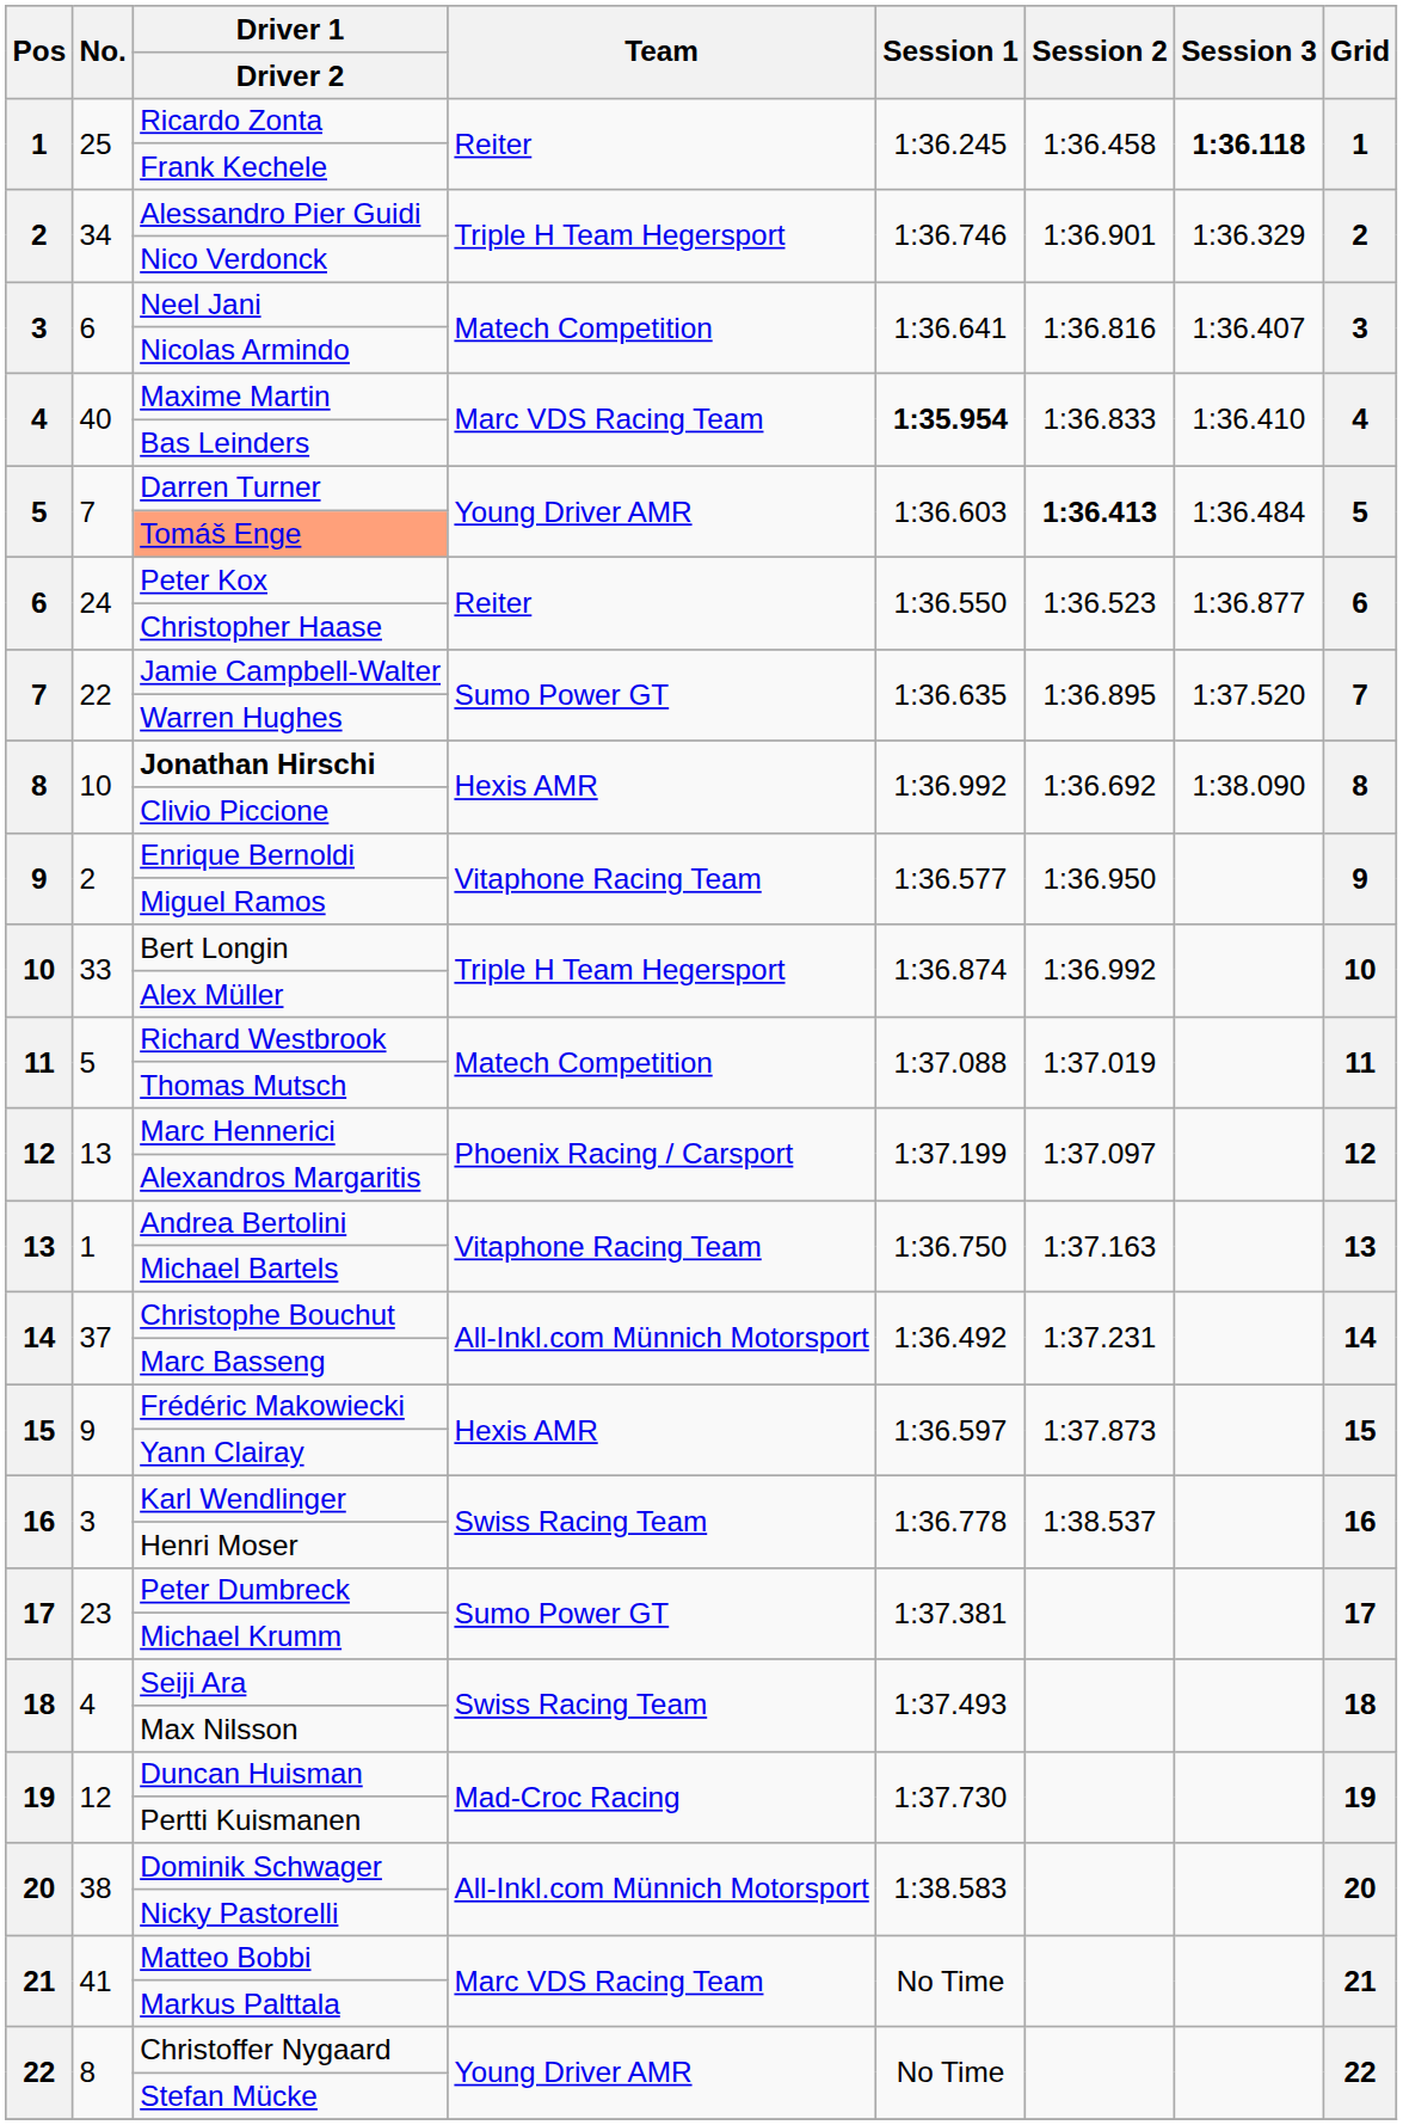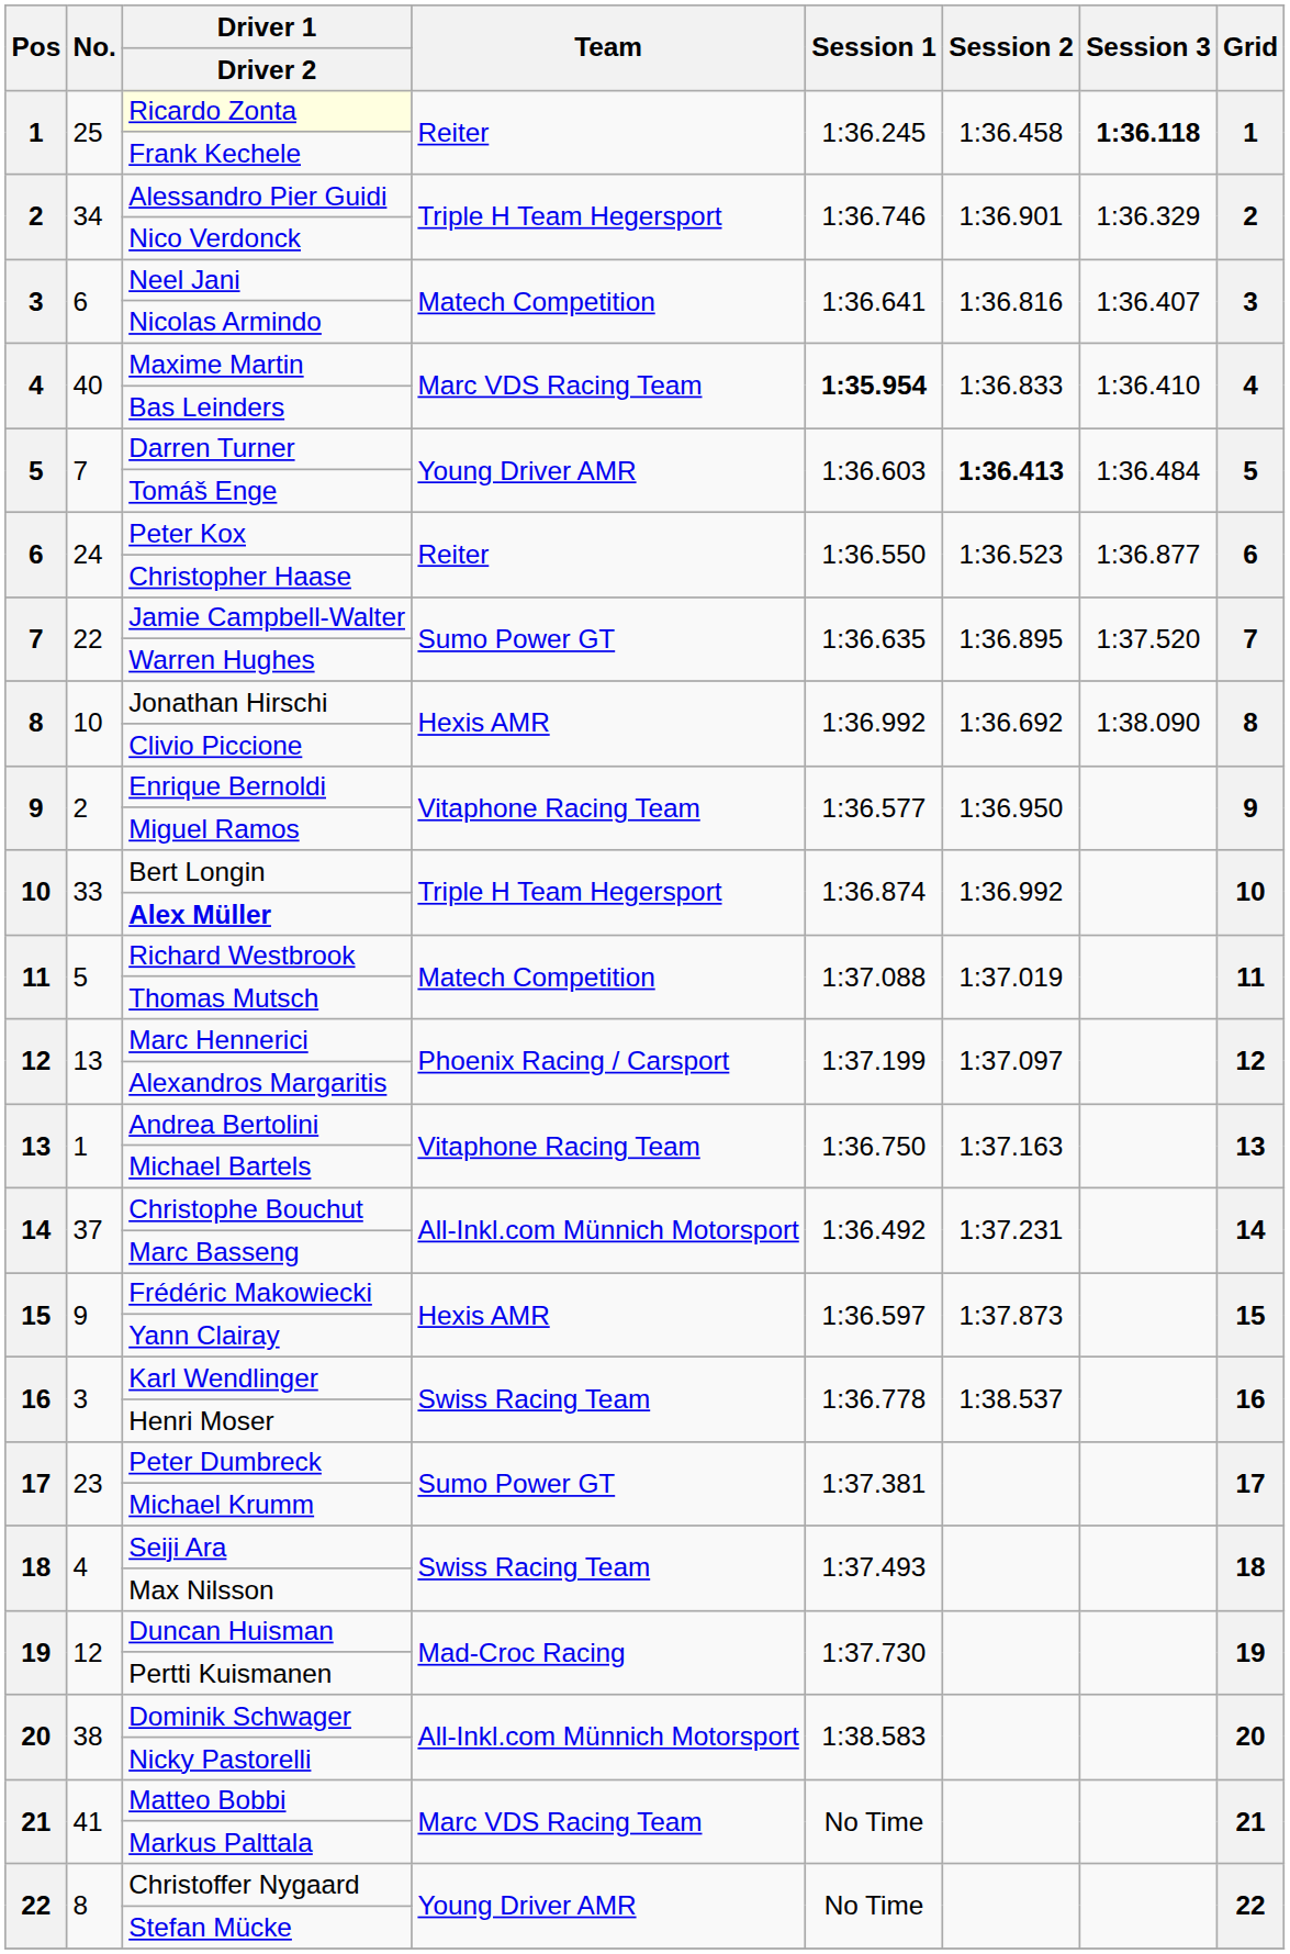 <table class="wikitable" style="font-size: 90%;">
 <tr>
 <th rowspan=2>Pos</th>
 <th rowspan=2>No.</th>
 <th>Driver 1</th>
 <th rowspan=2>Team</th>
 <th rowspan=2>Session 1</th>
 <th rowspan=2>Session 2</th>
 <th rowspan=2>Session 3</th>
 <th rowspan=2>Grid</th>
 </tr>
 <tr>
 <th>Driver 2</th>
 </tr>
 <tr>
 <th rowspan=2>1</th>
 <td rowspan=2>25</td>
-<td> <a href='#'>Ricardo Zonta</a></td>
+<td style="background: lightyellow;"> <a href='#'>Ricardo Zonta</a></td>
 <td rowspan=2> <a href='#'>Reiter</a></td>
 <td rowspan=2 align="center">1:36.245</td>
 <td rowspan=2 align="center">1:36.458</td>
 <td rowspan=2 align="center"><strong>1:36.118</strong></td>
 <th rowspan=2>1</th>
 </tr>
 <tr>
 <td> <a href='#'>Frank Kechele</a></td>
 </tr>
 <tr>
 <th rowspan=2>2</th>
 <td rowspan=2>34</td>
 <td> <a href='#'>Alessandro Pier Guidi</a></td>
 <td rowspan=2> <a href='#'>Triple H Team Hegersport</a></td>
 <td rowspan=2 align="center">1:36.746</td>
 <td rowspan=2 align="center">1:36.901</td>
 <td rowspan=2 align="center">1:36.329</td>
 <th rowspan=2>2</th>
 </tr>
 <tr>
 <td> <a href='#'>Nico Verdonck</a></td>
 </tr>
 <tr>
 <th rowspan=2>3</th>
 <td rowspan=2>6</td>
 <td> <a href='#'>Neel Jani</a></td>
 <td rowspan=2> <a href='#'>Matech Competition</a></td>
 <td rowspan=2 align="center">1:36.641</td>
 <td rowspan=2 align="center">1:36.816</td>
 <td rowspan=2 align="center">1:36.407</td>
 <th rowspan=2>3</th>
 </tr>
 <tr>
 <td> <a href='#'>Nicolas Armindo</a></td>
 </tr>
 <tr>
 <th rowspan=2>4</th>
 <td rowspan=2>40</td>
 <td> <a href='#'>Maxime Martin</a></td>
 <td rowspan=2> <a href='#'>Marc VDS Racing Team</a></td>
 <td rowspan=2 align="center"><strong>1:35.954</strong></td>
 <td rowspan=2 align="center">1:36.833</td>
 <td rowspan=2 align="center">1:36.410</td>
 <th rowspan=2>4</th>
 </tr>
 <tr>
 <td> <a href='#'>Bas Leinders</a></td>
 </tr>
 <tr>
 <th rowspan=2>5</th>
 <td rowspan=2>7</td>
 <td> <a href='#'>Darren Turner</a></td>
 <td rowspan=2> <a href='#'>Young Driver AMR</a></td>
 <td rowspan=2 align="center">1:36.603</td>
 <td rowspan=2 align="center"><strong>1:36.413</strong></td>
 <td rowspan=2 align="center">1:36.484</td>
 <th rowspan=2>5</th>
 </tr>
 <tr>
-<td style="background: lightsalmon;"> <a href='#'>Tomáš Enge</a></td>
+<td> <a href='#'>Tomáš Enge</a></td>
 </tr>
 <tr>
 <th rowspan=2>6</th>
 <td rowspan=2>24</td>
 <td> <a href='#'>Peter Kox</a></td>
 <td rowspan=2> <a href='#'>Reiter</a></td>
 <td rowspan=2 align="center">1:36.550</td>
 <td rowspan=2 align="center">1:36.523</td>
 <td rowspan=2 align="center">1:36.877</td>
 <th rowspan=2>6</th>
 </tr>
 <tr>
 <td> <a href='#'>Christopher Haase</a></td>
 </tr>
 <tr>
 <th rowspan=2>7</th>
 <td rowspan=2>22</td>
 <td> <a href='#'>Jamie Campbell-Walter</a></td>
 <td rowspan=2> <a href='#'>Sumo Power GT</a></td>
 <td rowspan=2 align="center">1:36.635</td>
 <td rowspan=2 align="center">1:36.895</td>
 <td rowspan=2 align="center">1:37.520</td>
 <th rowspan=2>7</th>
 </tr>
 <tr>
 <td> <a href='#'>Warren Hughes</a></td>
 </tr>
 <tr>
 <th rowspan=2>8</th>
 <td rowspan=2>10</td>
-<td><strong> Jonathan Hirschi</strong></td>
+<td> Jonathan Hirschi</td>
 <td rowspan=2> <a href='#'>Hexis AMR</a></td>
 <td rowspan=2 align="center">1:36.992</td>
 <td rowspan=2 align="center">1:36.692</td>
 <td rowspan=2 align="center">1:38.090</td>
 <th rowspan=2>8</th>
 </tr>
 <tr>
 <td> <a href='#'>Clivio Piccione</a></td>
 </tr>
 <tr>
 <th rowspan=2>9</th>
 <td rowspan=2>2</td>
 <td> <a href='#'>Enrique Bernoldi</a></td>
 <td rowspan=2> <a href='#'>Vitaphone Racing Team</a></td>
 <td rowspan=2 align="center">1:36.577</td>
 <td rowspan=2 align="center">1:36.950</td>
 <td rowspan=2 align="center"></td>
 <th rowspan=2>9</th>
 </tr>
 <tr>
 <td> <a href='#'>Miguel Ramos</a></td>
 </tr>
 <tr>
 <th rowspan=2>10</th>
 <td rowspan=2>33</td>
 <td> Bert Longin</td>
 <td rowspan=2> <a href='#'>Triple H Team Hegersport</a></td>
 <td rowspan=2 align="center">1:36.874</td>
 <td rowspan=2 align="center">1:36.992</td>
 <td rowspan=2 align="center"></td>
 <th rowspan=2>10</th>
 </tr>
 <tr>
-<td> <a href='#'>Alex Müller</a></td>
+<td><strong> <a href='#'>Alex Müller</a></strong></td>
 </tr>
 <tr>
 <th rowspan=2>11</th>
 <td rowspan=2>5</td>
 <td> <a href='#'>Richard Westbrook</a></td>
 <td rowspan=2> <a href='#'>Matech Competition</a></td>
 <td rowspan=2 align="center">1:37.088</td>
 <td rowspan=2 align="center">1:37.019</td>
 <td rowspan=2 align="center"></td>
 <th rowspan=2>11</th>
 </tr>
 <tr>
 <td> <a href='#'>Thomas Mutsch</a></td>
 </tr>
 <tr>
 <th rowspan=2>12</th>
 <td rowspan=2>13</td>
 <td> <a href='#'>Marc Hennerici</a></td>
 <td rowspan=2> <a href='#'>Phoenix Racing / Carsport</a></td>
 <td rowspan=2 align="center">1:37.199</td>
 <td rowspan=2 align="center">1:37.097</td>
 <td rowspan=2 align="center"></td>
 <th rowspan=2>12</th>
 </tr>
 <tr>
 <td> <a href='#'>Alexandros Margaritis</a></td>
 </tr>
 <tr>
 <th rowspan=2>13</th>
 <td rowspan=2>1</td>
 <td> <a href='#'>Andrea Bertolini</a></td>
 <td rowspan=2> <a href='#'>Vitaphone Racing Team</a></td>
 <td rowspan=2 align="center">1:36.750</td>
 <td rowspan=2 align="center">1:37.163</td>
 <td rowspan=2 align="center"></td>
 <th rowspan=2>13</th>
 </tr>
 <tr>
 <td> <a href='#'>Michael Bartels</a></td>
 </tr>
 <tr>
 <th rowspan=2>14</th>
 <td rowspan=2>37</td>
 <td> <a href='#'>Christophe Bouchut</a></td>
 <td rowspan=2> <a href='#'>All-Inkl.com Münnich Motorsport</a></td>
 <td rowspan=2 align="center">1:36.492</td>
 <td rowspan=2 align="center">1:37.231</td>
 <td rowspan=2 align="center"></td>
 <th rowspan=2>14</th>
 </tr>
 <tr>
 <td> <a href='#'>Marc Basseng</a></td>
 </tr>
 <tr>
 <th rowspan=2>15</th>
 <td rowspan=2>9</td>
 <td> <a href='#'>Frédéric Makowiecki</a></td>
 <td rowspan=2> <a href='#'>Hexis AMR</a></td>
 <td rowspan=2 align="center">1:36.597</td>
 <td rowspan=2 align="center">1:37.873</td>
 <td rowspan=2 align="center"></td>
 <th rowspan=2>15</th>
 </tr>
 <tr>
 <td> <a href='#'>Yann Clairay</a></td>
 </tr>
 <tr>
 <th rowspan=2>16</th>
 <td rowspan=2>3</td>
 <td> <a href='#'>Karl Wendlinger</a></td>
 <td rowspan=2> <a href='#'>Swiss Racing Team</a></td>
 <td rowspan=2 align="center">1:36.778</td>
 <td rowspan=2 align="center">1:38.537</td>
 <td rowspan=2 align="center"></td>
 <th rowspan=2>16</th>
 </tr>
 <tr>
 <td> Henri Moser</td>
 </tr>
 <tr>
 <th rowspan=2>17</th>
 <td rowspan=2>23</td>
 <td> <a href='#'>Peter Dumbreck</a></td>
 <td rowspan=2> <a href='#'>Sumo Power GT</a></td>
 <td rowspan=2 align="center">1:37.381</td>
 <td rowspan=2 align="center"></td>
 <td rowspan=2 align="center"></td>
 <th rowspan=2>17</th>
 </tr>
 <tr>
 <td> <a href='#'>Michael Krumm</a></td>
 </tr>
 <tr>
 <th rowspan=2>18</th>
 <td rowspan=2>4</td>
 <td> <a href='#'>Seiji Ara</a></td>
 <td rowspan=2> <a href='#'>Swiss Racing Team</a></td>
 <td rowspan=2 align="center">1:37.493</td>
 <td rowspan=2 align="center"></td>
 <td rowspan=2 align="center"></td>
 <th rowspan=2>18</th>
 </tr>
 <tr>
 <td> Max Nilsson</td>
 </tr>
 <tr>
 <th rowspan=2>19</th>
 <td rowspan=2>12</td>
 <td> <a href='#'>Duncan Huisman</a></td>
 <td rowspan=2> <a href='#'>Mad-Croc Racing</a></td>
 <td rowspan=2 align="center">1:37.730</td>
 <td rowspan=2 align="center"></td>
 <td rowspan=2 align="center"></td>
 <th rowspan=2>19</th>
 </tr>
 <tr>
 <td> Pertti Kuismanen</td>
 </tr>
 <tr>
 <th rowspan=2>20</th>
 <td rowspan=2>38</td>
 <td> <a href='#'>Dominik Schwager</a></td>
 <td rowspan=2> <a href='#'>All-Inkl.com Münnich Motorsport</a></td>
 <td rowspan=2 align="center">1:38.583</td>
 <td rowspan=2 align="center"></td>
 <td rowspan=2 align="center"></td>
 <th rowspan=2>20</th>
 </tr>
 <tr>
 <td> <a href='#'>Nicky Pastorelli</a></td>
 </tr>
 <tr>
 <th rowspan=2>21</th>
 <td rowspan=2>41</td>
 <td> <a href='#'>Matteo Bobbi</a></td>
 <td rowspan=2> <a href='#'>Marc VDS Racing Team</a></td>
 <td rowspan=2 align="center">No Time</td>
 <td rowspan=2 align="center"></td>
 <td rowspan=2 align="center"></td>
 <th rowspan=2>21</th>
 </tr>
 <tr>
 <td> <a href='#'>Markus Palttala</a></td>
 </tr>
 <tr>
 <th rowspan=2>22</th>
 <td rowspan=2>8</td>
 <td> Christoffer Nygaard</td>
 <td rowspan=2> <a href='#'>Young Driver AMR</a></td>
 <td rowspan=2 align="center">No Time</td>
 <td rowspan=2 align="center"></td>
 <td rowspan=2 align="center"></td>
 <th rowspan=2>22</th>
 </tr>
 <tr>
 <td> <a href='#'>Stefan Mücke</a></td>
 </tr>
 <tr>
 </tr>
 </table>
